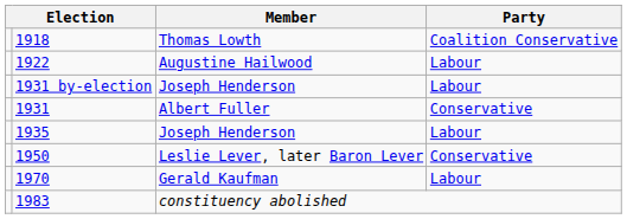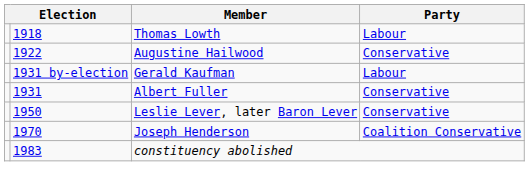 <table class="wikitable">
 <tr>
 <th colspan="2">Election</th>
 <th>Member</th>
 <th>Party</th>
 </tr>
 <tr>
 <td style="color:inherit;background-color: "></td>
 <td><a href='#'>1918</a></td>
 <td><a href='#'>Thomas Lowth</a></td>
-<td><a href='#'>Coalition Conservative</a></td>
+<td><a href='#'>Labour</a></td>
 </tr>
 <tr>
 <td style="color:inherit;background-color: "></td>
 <td><a href='#'>1922</a></td>
 <td><a href='#'>Augustine Hailwood</a></td>
-<td><a href='#'>Labour</a></td>
+<td><a href='#'>Conservative</a></td>
 </tr>
 <tr>
 <td style="color:inherit;background-color: "></td>
 <td><a href='#'>1931 by-election</a></td>
-<td><a href='#'>Joseph Henderson</a></td>
+<td><a href='#'>Gerald Kaufman</a></td>
 <td><a href='#'>Labour</a></td>
 </tr>
 <tr>
 <td style="color:inherit;background-color: "></td>
 <td><a href='#'>1931</a></td>
 <td><a href='#'>Albert Fuller</a></td>
 <td><a href='#'>Conservative</a></td>
 </tr>
 <tr>
 <td style="color:inherit;background-color: "></td>
-<td><a href='#'>1935</a></td>
-<td><a href='#'>Joseph Henderson</a></td>
-<td><a href='#'>Labour</a></td>
-</tr>
-<tr>
-<td style="color:inherit;background-color: "></td>
 <td><a href='#'>1950</a></td>
 <td><a href='#'>Leslie Lever</a>, later <a href='#'>Baron Lever</a></td>
 <td><a href='#'>Conservative</a></td>
 </tr>
 <tr>
 <td style="color:inherit;background-color: "></td>
 <td><a href='#'>1970</a></td>
-<td><a href='#'>Gerald Kaufman</a></td>
-<td><a href='#'>Labour</a></td>
+<td><a href='#'>Joseph Henderson</a></td>
+<td><a href='#'>Coalition Conservative</a></td>
 </tr>
 <tr>
 <td></td>
 <td><a href='#'>1983</a></td>
 <td colspan="2"><em>constituency abolished</em></td>
 </tr>
 </table>
